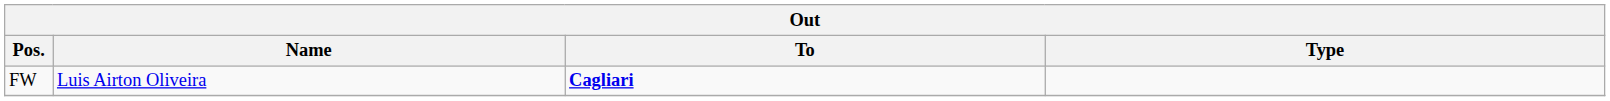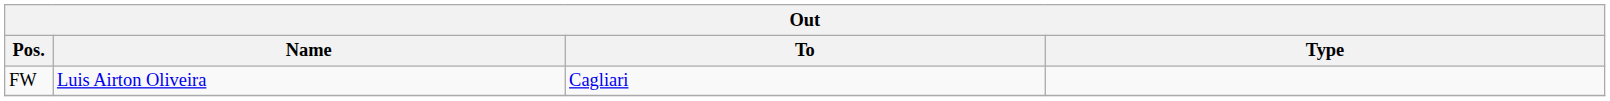 <table class="wikitable" style="font-size:90%;width:99%;">
 <tr>
 <th colspan="4">Out</th>
 </tr>
 <tr>
 <th width=3%>Pos.</th>
 <th width=32%>Name</th>
 <th width=30%>To</th>
 <th width=35%>Type</th>
 </tr>
 <tr>
 <td>FW</td>
 <td><a href='#'>Luis Airton Oliveira</a></td>
-<td><strong><a href='#'>Cagliari</a></strong></td>
+<td><a href='#'>Cagliari</a></td>
 <td></td>
 </tr>
 <tr>
 </tr>
 </table>
